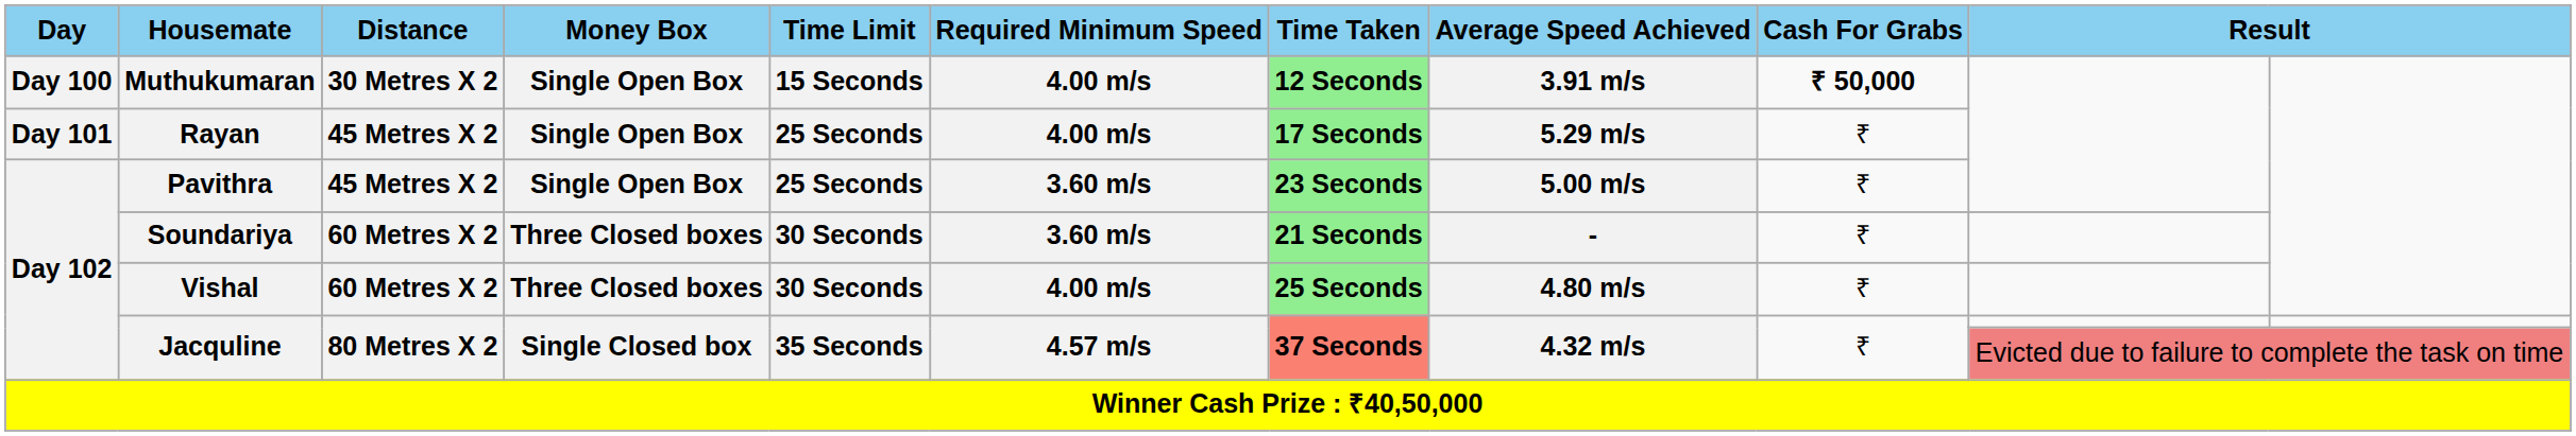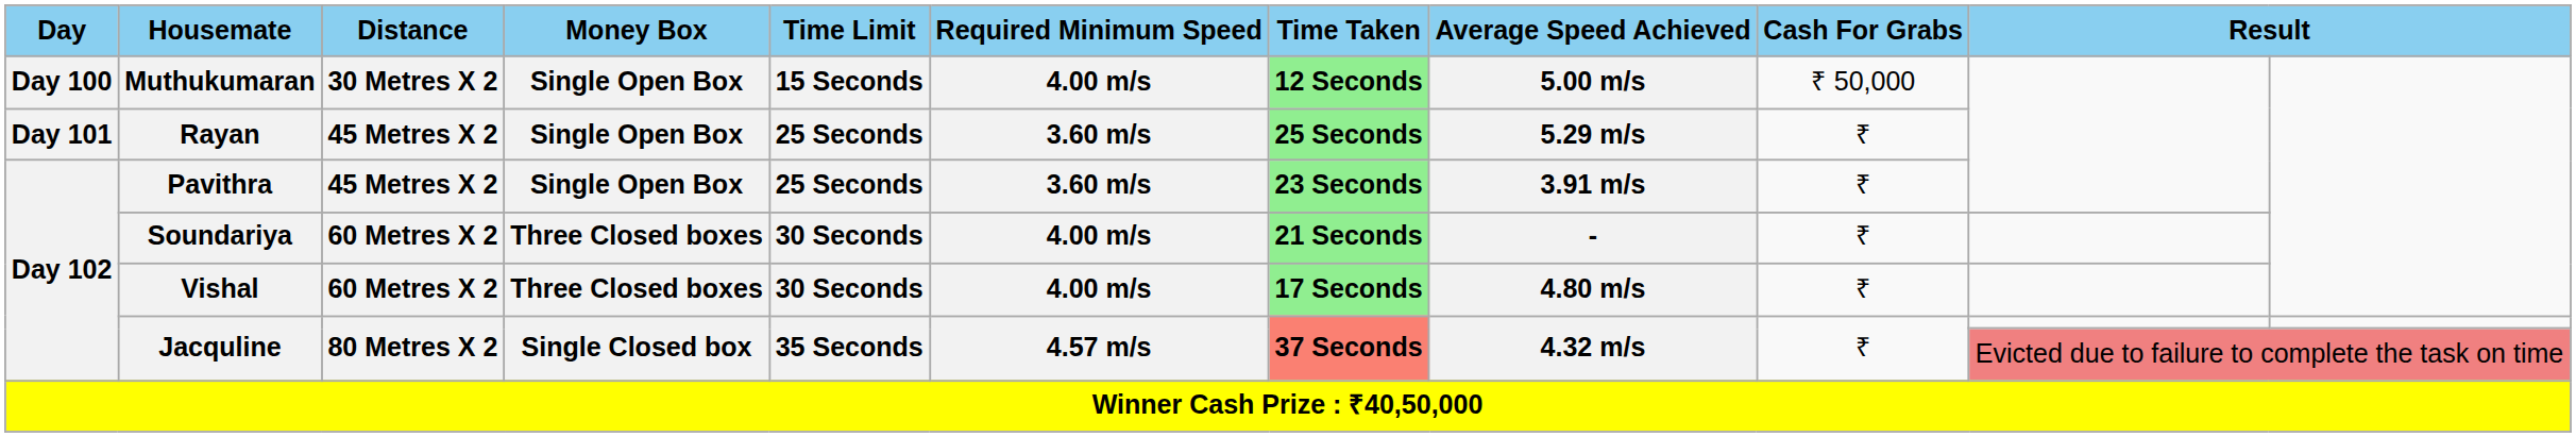 <table class="wikitable" style="text-align:center; font-size:85%; font-family: sans-serif; line-height:20px;">
 <tr>
 <th style="background:#89CFF0">Day</th>
 <th style="background:#89CFF0">Housemate</th>
 <th style="background:#89CFF0">Distance</th>
 <th style="background:#89CFF0">Money Box</th>
 <th style="background:#89CFF0">Time Limit</th>
 <th style="background:#89CFF0">Required Minimum Speed</th>
 <th style="background:#89CFF0">Time Taken</th>
 <th style="background:#89CFF0">Average Speed Achieved</th>
 <th style="background:#89CFF0">Cash For Grabs</th>
 <th colspan="2" style="background:#89CFF0">Result</th>
 </tr>
 <tr>
 <th>Day 100</th>
 <th>Muthukumaran</th>
 <th>30 Metres X 2</th>
 <th>Single Open Box</th>
 <th>15 Seconds</th>
 <th>4.00 m/s</th>
 <th style="background:lightgreen">12 Seconds</th>
-<th>3.91 m/s</th>
-<td><strong>₹ 50,000</strong></td>
+<th>5.00 m/s</th>
+<td>₹ 50,000</td>
 <td rowspan="3"></td>
 <td rowspan="5"></td>
 </tr>
 <tr>
 <th>Day 101</th>
 <th>Rayan</th>
 <th>45 Metres X 2</th>
 <th>Single Open Box</th>
 <th>25 Seconds</th>
-<th>4.00 m/s</th>
-<th style="background:lightgreen">17 Seconds</th>
+<th>3.60 m/s</th>
+<th style="background:lightgreen">25 Seconds</th>
 <th>5.29 m/s</th>
 <td>₹ </td>
 </tr>
 <tr>
 <th rowspan="5">Day 102</th>
 <th>Pavithra</th>
 <th>45 Metres X 2</th>
 <th>Single Open Box</th>
 <th>25 Seconds</th>
 <th>3.60 m/s</th>
 <th style="background:lightgreen">23 Seconds</th>
-<th>5.00 m/s</th>
+<th>3.91 m/s</th>
 <td>₹ </td>
 </tr>
 <tr>
 <th>Soundariya</th>
 <th>60 Metres X 2</th>
 <th>Three Closed boxes</th>
 <th>30 Seconds</th>
-<th>3.60 m/s</th>
+<th>4.00 m/s</th>
 <th style="background:lightgreen">21 Seconds</th>
 <th>-</th>
 <td>₹ </td>
 <td></td>
 </tr>
 <tr>
 <th>Vishal</th>
 <th>60 Metres X 2</th>
 <th>Three Closed boxes</th>
 <th>30 Seconds</th>
 <th>4.00 m/s</th>
-<th style="background:lightgreen">25 Seconds</th>
+<th style="background:lightgreen">17 Seconds</th>
 <th>4.80 m/s</th>
 <td>₹ </td>
 <td></td>
 </tr>
 <tr>
 <th rowspan="2">Jacquline</th>
 <th rowspan="2">80 Metres X 2</th>
 <th rowspan="2">Single Closed box</th>
 <th rowspan="2">35 Seconds</th>
 <th rowspan="2">4.57 m/s</th>
 <th rowspan="2" style="background:salmon">37 Seconds</th>
 <th rowspan="2">4.32 m/s</th>
 <td rowspan="2">₹ </td>
 <td></td>
 <td></td>
 </tr>
 <tr>
 <td colspan="2" style="background:LightCoral">Evicted due to failure to complete the task on time</td>
 </tr>
 <tr>
 <th colspan="11" style="background:#FFFF00"><strong>Winner Cash Prize : ₹40,50,000</strong></th>
 </tr>
 </table>
